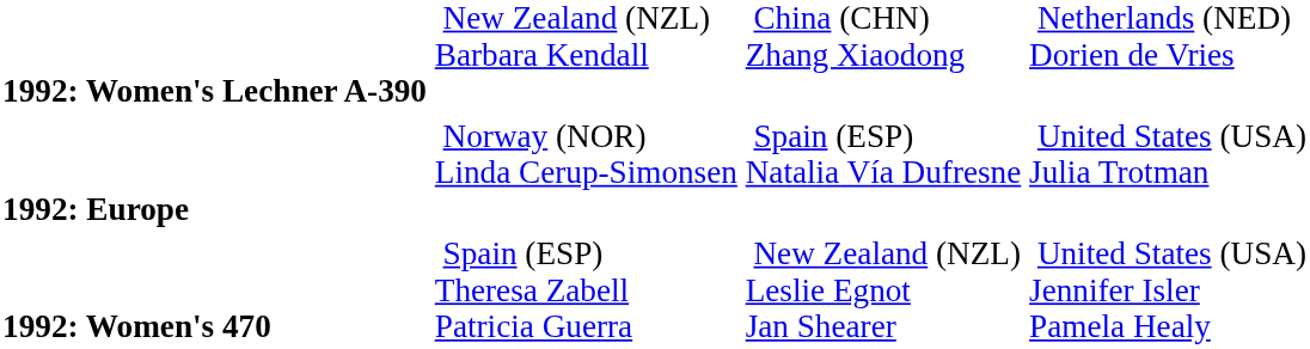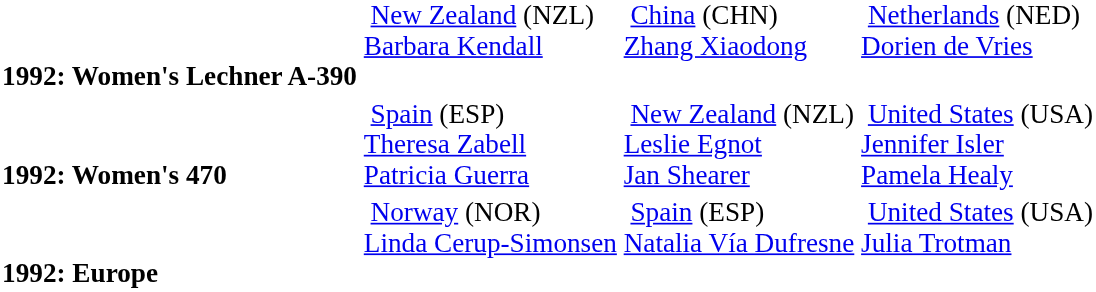 <table>
 <tr>
 <td style="align:center;"><br><br><strong>1992: Women's Lechner A-390</strong> <br></td>
 <td style="vertical-align:top;"> <a href='#'>New Zealand</a> <span>(NZL)</span><br><a href='#'>Barbara Kendall</a></td>
 <td style="vertical-align:top;"> <a href='#'>China</a> <span>(CHN)</span><br><a href='#'>Zhang Xiaodong</a></td>
 <td style="vertical-align:top;"> <a href='#'>Netherlands</a> <span>(NED)</span><br><a href='#'>Dorien de Vries</a></td>
 </tr>
 <tr>
+<td style="align:center;"><br><br><strong>1992: Women's 470</strong> <br></td>
+<td style="vertical-align:top;"> <a href='#'>Spain</a> <span>(ESP)</span><br><a href='#'>Theresa Zabell</a><br><a href='#'>Patricia Guerra</a></td>
+<td style="vertical-align:top;"> <a href='#'>New Zealand</a> <span>(NZL)</span><br><a href='#'>Leslie Egnot</a><br><a href='#'>Jan Shearer</a></td>
+<td style="vertical-align:top;"> <a href='#'>United States</a> <span>(USA)</span><br><a href='#'>Jennifer Isler</a><br><a href='#'>Pamela Healy</a></td>
+</tr>
+<tr>
 <td style="align:center;"><br><br><strong>1992: Europe</strong> <br></td>
 <td style="vertical-align:top;"> <a href='#'>Norway</a> <span>(NOR)</span><br><a href='#'>Linda Cerup-Simonsen</a></td>
 <td style="vertical-align:top;"> <a href='#'>Spain</a> <span>(ESP)</span><br><a href='#'>Natalia Vía Dufresne</a></td>
 <td style="vertical-align:top;"> <a href='#'>United States</a> <span>(USA)</span><br><a href='#'>Julia Trotman</a></td>
 </tr>
-<tr>
-<td style="align:center;"><br><br><strong>1992: Women's 470</strong> <br></td>
-<td style="vertical-align:top;"> <a href='#'>Spain</a> <span>(ESP)</span><br><a href='#'>Theresa Zabell</a><br><a href='#'>Patricia Guerra</a></td>
-<td style="vertical-align:top;"> <a href='#'>New Zealand</a> <span>(NZL)</span><br><a href='#'>Leslie Egnot</a><br><a href='#'>Jan Shearer</a></td>
-<td style="vertical-align:top;"> <a href='#'>United States</a> <span>(USA)</span><br><a href='#'>Jennifer Isler</a><br><a href='#'>Pamela Healy</a></td>
-</tr>
 </table>
